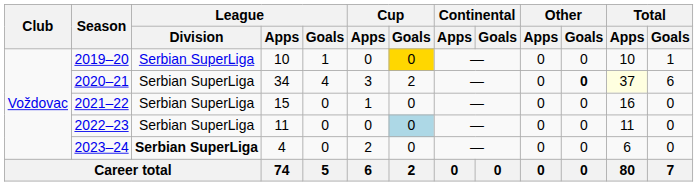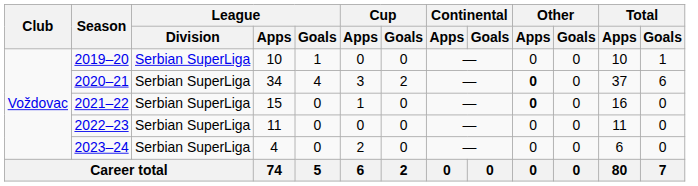 <table class="wikitable" style="text-align:center">
 <tr>
 <th rowspan="2">Club</th>
 <th rowspan="2">Season</th>
 <th colspan="3">League</th>
 <th colspan="2">Cup</th>
 <th colspan="2">Continental</th>
 <th colspan="2">Other</th>
 <th colspan="2">Total</th>
 </tr>
 <tr>
 <th>Division</th>
 <th>Apps</th>
 <th>Goals</th>
 <th>Apps</th>
 <th>Goals</th>
 <th>Apps</th>
 <th>Goals</th>
 <th>Apps</th>
 <th>Goals</th>
 <th>Apps</th>
 <th>Goals</th>
 </tr>
 <tr>
 <td rowspan="5"><a href='#'>Voždovac</a></td>
 <td><a href='#'>2019–20</a></td>
 <td><a href='#'>Serbian SuperLiga</a></td>
 <td>10</td>
 <td>1</td>
 <td>0</td>
-<td style="background: gold;">0</td>
+<td>0</td>
 <td colspan="2">—</td>
 <td>0</td>
 <td>0</td>
 <td>10</td>
 <td>1</td>
 </tr>
 <tr>
 <td><a href='#'>2020–21</a></td>
 <td>Serbian SuperLiga</td>
 <td>34</td>
 <td>4</td>
 <td>3</td>
 <td>2</td>
 <td colspan="2">—</td>
+<td><strong>0</strong></td>
 <td>0</td>
-<td><strong>0</strong></td>
-<td style="background: lightyellow;">37</td>
+<td>37</td>
 <td>6</td>
 </tr>
 <tr>
 <td><a href='#'>2021–22</a></td>
 <td>Serbian SuperLiga</td>
 <td>15</td>
 <td>0</td>
 <td>1</td>
 <td>0</td>
 <td colspan="2">—</td>
-<td>0</td>
+<td><strong>0</strong></td>
 <td>0</td>
 <td>16</td>
 <td>0</td>
 </tr>
 <tr>
 <td><a href='#'>2022–23</a></td>
 <td>Serbian SuperLiga</td>
 <td>11</td>
 <td>0</td>
 <td>0</td>
-<td style="background: lightblue;">0</td>
+<td>0</td>
 <td colspan="2">—</td>
 <td>0</td>
 <td>0</td>
 <td>11</td>
 <td>0</td>
 </tr>
 <tr>
 <td><a href='#'>2023–24</a></td>
-<td><strong>Serbian SuperLiga</strong></td>
+<td>Serbian SuperLiga</td>
 <td>4</td>
 <td>0</td>
 <td>2</td>
 <td>0</td>
 <td colspan="2">—</td>
 <td>0</td>
 <td>0</td>
 <td>6</td>
 <td>0</td>
 </tr>
 <tr>
 <th colspan="3">Career total</th>
 <th>74</th>
 <th>5</th>
 <th>6</th>
 <th>2</th>
 <th>0</th>
 <th>0</th>
 <th>0</th>
 <th>0</th>
 <th>80</th>
 <th>7</th>
 </tr>
 </table>
